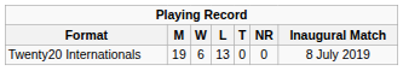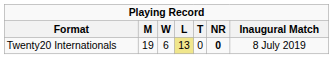 <table class="wikitable" style="text-align: center; width: 500px;">
 <tr>
 <td colspan=7 align="center"><strong>Playing Record</strong></td>
 </tr>
 <tr>
 <th>Format</th>
 <th>M</th>
 <th>W</th>
 <th>L</th>
 <th>T</th>
 <th>NR</th>
 <th>Inaugural Match</th>
 </tr>
 <tr>
 <td align="left">Twenty20 Internationals</td>
 <td>19</td>
 <td>6</td>
-<td>13</td>
+<td style="background: khaki;">13</td>
 <td>0</td>
-<td>0</td>
+<td><strong>0</strong></td>
 <td>8 July 2019</td>
 </tr>
 </table>
